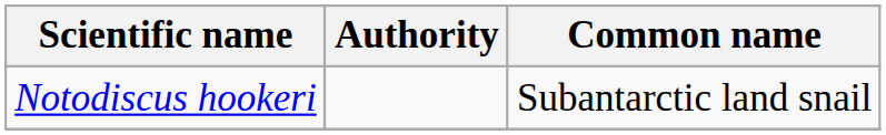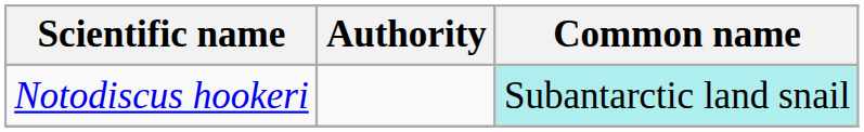 <table class="wikitable sortable">
 <tr>
 <th>Scientific name</th>
 <th>Authority</th>
 <th>Common name</th>
 </tr>
 <tr>
 <td><em><a href='#'>Notodiscus hookeri</a></em></td>
 <td></td>
-<td>Subantarctic land snail</td>
+<td style="background: paleturquoise;">Subantarctic land snail</td>
 </tr>
 <tr>
 </tr>
 </table>
